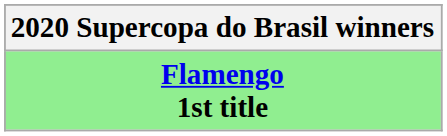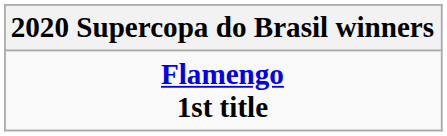 <table class="wikitable" style="text-align: center; margin: 0 auto;">
 <tr>
 <th>2020 Supercopa do Brasil winners</th>
 </tr>
 <tr>
-<td style="background: lightgreen;"><strong><a href='#'>Flamengo</a></strong><br><strong>1st title</strong></td>
+<td><strong><a href='#'>Flamengo</a></strong><br><strong>1st title</strong></td>
 </tr>
 </table>
